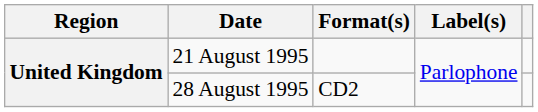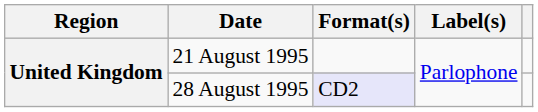 <table class="wikitable plainrowheaders">
 <tr>
 <th scope="col">Region</th>
 <th scope="col">Date</th>
 <th scope="col">Format(s)</th>
 <th scope="col">Label(s)</th>
 <th scope="col"></th>
 </tr>
 <tr>
 <th scope="row" rowspan="2">United Kingdom</th>
 <td>21 August 1995</td>
 <td></td>
 <td rowspan="2"><a href='#'>Parlophone</a></td>
 <td></td>
 </tr>
 <tr>
 <td>28 August 1995</td>
-<td>CD2</td>
+<td style="background: lavender;">CD2</td>
 <td></td>
 </tr>
 </table>
